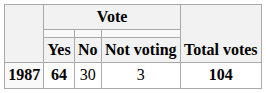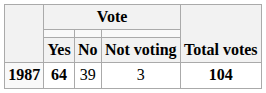 <table class=wikitable style="text-align:center">
 <tr style="vertical-align:bottom;">
 <th rowspan=3></th>
 <th colspan=3>Vote</th>
 <th rowspan=3>Total votes</th>
 </tr>
 <tr style="height:5px">
 <td style="background-color:"></td>
 <td style="background-color:"></td>
 <td style="background-color:"></td>
 </tr>
 <tr style="vertical-align:bottom;">
 <th>Yes</th>
 <th>No</th>
 <th>Not voting</th>
 </tr>
 <tr>
 <td><strong>1987</strong></td>
 <td style="background:#fff;"><strong>64</strong></td>
-<td style="background:#fff;">30</td>
+<td style="background:#fff;">39</td>
 <td style="background:#fff;">3</td>
 <td style="background:#fff;"><strong>104</strong></td>
 </tr>
 </table>
